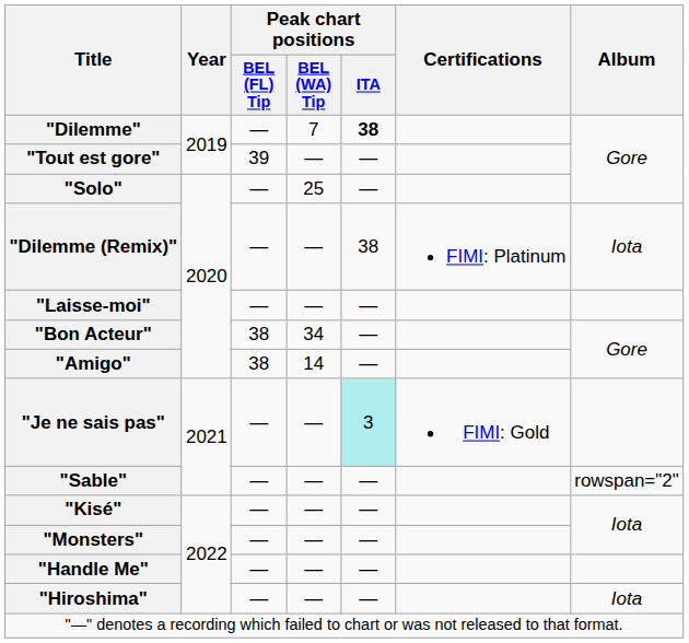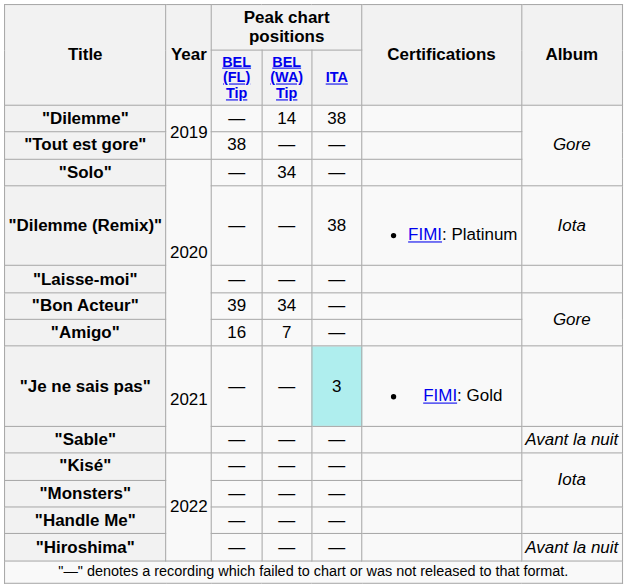 <table class="wikitable plainrowheaders" style="text-align:center;">
 <tr>
 <th scope="col" rowspan="2">Title</th>
 <th scope="col" rowspan="2">Year</th>
 <th scope="col" colspan="3">Peak chart positions</th>
 <th scope="col" rowspan="2">Certifications</th>
 <th scope="col" rowspan="2">Album</th>
 </tr>
 <tr>
 <th scope="col" style="width:3em;font-size:85%;"><a href='#'>BEL<br>(FL)<br>Tip</a><br></th>
 <th scope="col" style="width:3em;font-size:85%;"><a href='#'>BEL<br>(WA)<br>Tip</a><br></th>
 <th scope="col" style="width:3em;font-size:85%;"><a href='#'>ITA</a><br></th>
 </tr>
 <tr>
 <th scope="row">"Dilemme"</th>
 <td rowspan="2">2019</td>
 <td>—</td>
-<td>7</td>
-<td><strong>38</strong></td>
+<td>14</td>
+<td>38</td>
 <td></td>
 <td rowspan="3"><em>Gore</em></td>
 </tr>
 <tr>
 <th scope="row">"Tout est gore"</th>
-<td>39</td>
+<td>38</td>
 <td>—</td>
 <td>—</td>
 <td></td>
 </tr>
 <tr>
 <th scope="row">"Solo"</th>
 <td rowspan="5">2020</td>
 <td>—</td>
-<td>25</td>
+<td>34</td>
 <td>—</td>
 <td></td>
 </tr>
 <tr>
 <th scope="row">"Dilemme (Remix)" <br></th>
 <td>—</td>
 <td>—</td>
 <td>38</td>
 <td><br><ul><li><a href='#'>FIMI</a>: Platinum</li></ul></td>
 <td><em>Iota</em></td>
 </tr>
 <tr>
 <th scope="row">"Laisse-moi"<br></th>
 <td>—</td>
 <td>—</td>
 <td>—</td>
 <td></td>
 </tr>
 <tr>
 <th scope="row">"Bon Acteur"</th>
-<td>38</td>
+<td>39</td>
 <td>34</td>
 <td>—</td>
 <td></td>
 <td rowspan="2"><em>Gore</em></td>
 </tr>
 <tr>
 <th scope="row">"Amigo"<br></th>
-<td>38</td>
-<td>14</td>
+<td>16</td>
+<td>7</td>
 <td>—</td>
 <td></td>
 </tr>
 <tr>
 <th scope="row">"Je ne sais pas"<br></th>
 <td rowspan="2">2021</td>
 <td>—</td>
 <td>—</td>
 <td style="background: paleturquoise;">3</td>
 <td><br><ul><li><a href='#'>FIMI</a>: Gold</li></ul></td>
 <td></td>
 </tr>
 <tr>
 <th scope="row">"Sable"<br></th>
 <td>—</td>
 <td>—</td>
 <td>—</td>
 <td></td>
-<td>rowspan="2" </td>
+<td><em>Avant la nuit</em></td>
 </tr>
 <tr>
 <th scope="row">"Kisé"</th>
 <td rowspan="4">2022</td>
 <td>—</td>
 <td>—</td>
 <td>—</td>
 <td></td>
 <td rowspan="2"><em>Iota</em></td>
 </tr>
 <tr>
 <th scope="row">"Monsters"</th>
 <td>—</td>
 <td>—</td>
 <td>—</td>
 <td></td>
 </tr>
 <tr>
 <th scope="row">"Handle Me"<br></th>
 <td>—</td>
 <td>—</td>
 <td>—</td>
 <td></td>
 <td></td>
 </tr>
 <tr>
 <th scope="row">"Hiroshima"</th>
 <td>—</td>
 <td>—</td>
 <td>—</td>
 <td></td>
-<td><em>Iota</em></td>
+<td><em>Avant la nuit</em></td>
 </tr>
 <tr>
 <td colspan="8" style="font-size:85%;">"—" denotes a recording which failed to chart or was not released to that format.</td>
 </tr>
 </table>
